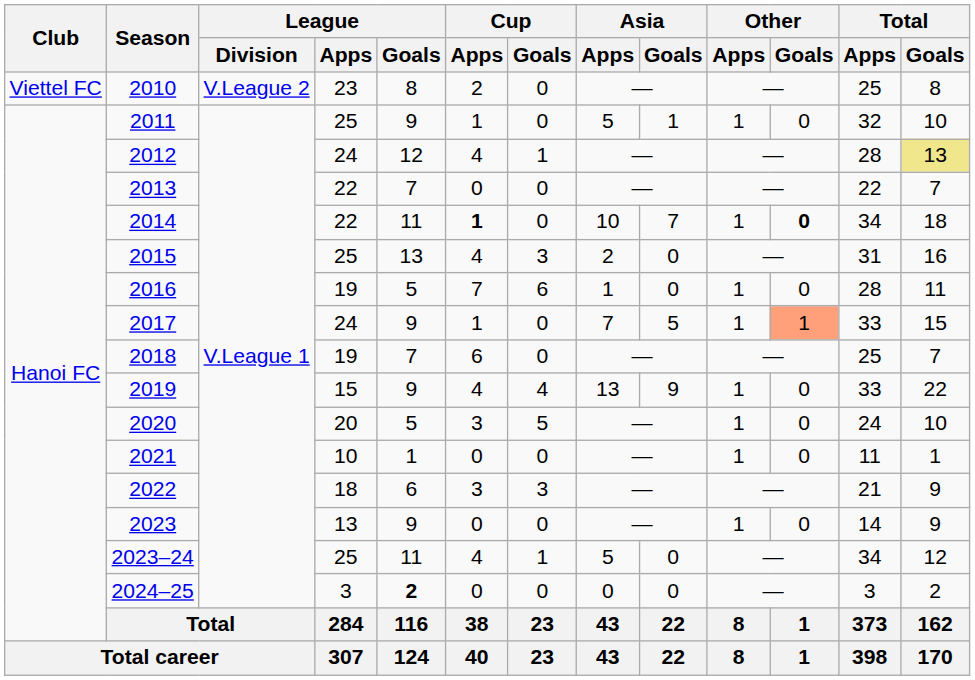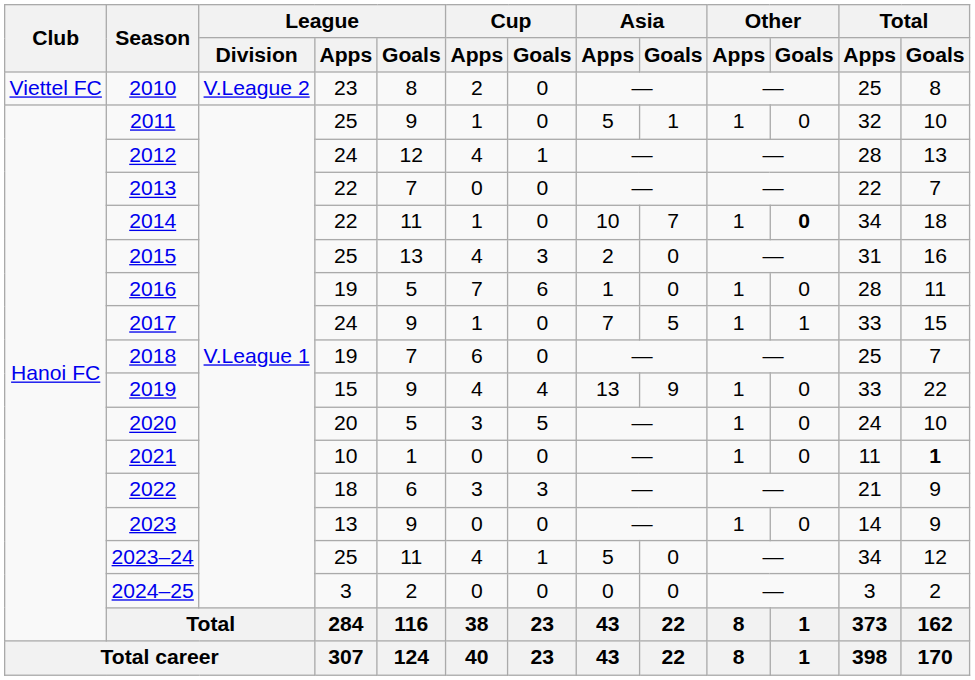 <table class="wikitable" style="text-align: center;">
 <tr>
 <th rowspan="2">Club</th>
 <th rowspan="2">Season</th>
 <th colspan="3">League</th>
 <th colspan="2">Cup</th>
 <th colspan="2">Asia</th>
 <th colspan="2">Other</th>
 <th colspan="2">Total</th>
 </tr>
 <tr>
 <th>Division</th>
 <th>Apps</th>
 <th>Goals</th>
 <th>Apps</th>
 <th>Goals</th>
 <th>Apps</th>
 <th>Goals</th>
 <th>Apps</th>
 <th>Goals</th>
 <th>Apps</th>
 <th>Goals</th>
 </tr>
 <tr>
 <td><a href='#'>Viettel FC</a></td>
 <td><a href='#'>2010</a></td>
 <td><a href='#'>V.League 2</a></td>
 <td>23</td>
 <td>8</td>
 <td>2</td>
 <td>0</td>
 <td colspan="2">—</td>
 <td colspan="2">—</td>
 <td>25</td>
 <td>8</td>
 </tr>
 <tr>
 <td rowspan="16"><a href='#'>Hanoi FC</a></td>
 <td><a href='#'>2011</a></td>
 <td rowspan="15"><a href='#'>V.League 1</a></td>
 <td>25</td>
 <td>9</td>
 <td>1</td>
 <td>0</td>
 <td>5</td>
 <td>1</td>
 <td>1</td>
 <td>0</td>
 <td>32</td>
 <td>10</td>
 </tr>
 <tr>
 <td><a href='#'>2012</a></td>
 <td>24</td>
 <td>12</td>
 <td>4</td>
 <td>1</td>
 <td colspan="2">—</td>
 <td colspan="2">—</td>
 <td>28</td>
-<td style="background: khaki;">13</td>
+<td>13</td>
 </tr>
 <tr>
 <td><a href='#'>2013</a></td>
 <td>22</td>
 <td>7</td>
 <td>0</td>
 <td>0</td>
 <td colspan="2">—</td>
 <td colspan="2">—</td>
 <td>22</td>
 <td>7</td>
 </tr>
 <tr>
 <td><a href='#'>2014</a></td>
 <td>22</td>
 <td>11</td>
-<td><strong>1</strong></td>
+<td>1</td>
 <td>0</td>
 <td>10</td>
 <td>7</td>
 <td>1</td>
 <td><strong>0</strong></td>
 <td>34</td>
 <td>18</td>
 </tr>
 <tr>
 <td><a href='#'>2015</a></td>
 <td>25</td>
 <td>13</td>
 <td>4</td>
 <td>3</td>
 <td>2</td>
 <td>0</td>
 <td colspan="2">—</td>
 <td>31</td>
 <td>16</td>
 </tr>
 <tr>
 <td><a href='#'>2016</a></td>
 <td>19</td>
 <td>5</td>
 <td>7</td>
 <td>6</td>
 <td>1</td>
 <td>0</td>
 <td>1</td>
 <td>0</td>
 <td>28</td>
 <td>11</td>
 </tr>
 <tr>
 <td><a href='#'>2017</a></td>
 <td>24</td>
 <td>9</td>
 <td>1</td>
 <td>0</td>
 <td>7</td>
 <td>5</td>
 <td>1</td>
-<td style="background: lightsalmon;">1</td>
+<td>1</td>
 <td>33</td>
 <td>15</td>
 </tr>
 <tr>
 <td><a href='#'>2018</a></td>
 <td>19</td>
 <td>7</td>
 <td>6</td>
 <td>0</td>
 <td colspan="2">—</td>
 <td colspan="2">—</td>
 <td>25</td>
 <td>7</td>
 </tr>
 <tr>
 <td><a href='#'>2019</a></td>
 <td>15</td>
 <td>9</td>
 <td>4</td>
 <td>4</td>
 <td>13</td>
 <td>9</td>
 <td>1</td>
 <td>0</td>
 <td>33</td>
 <td>22</td>
 </tr>
 <tr>
 <td><a href='#'>2020</a></td>
 <td>20</td>
 <td>5</td>
 <td>3</td>
 <td>5</td>
 <td colspan="2">—</td>
 <td>1</td>
 <td>0</td>
 <td>24</td>
 <td>10</td>
 </tr>
 <tr>
 <td><a href='#'>2021</a></td>
 <td>10</td>
 <td>1</td>
 <td>0</td>
 <td>0</td>
 <td colspan="2">—</td>
 <td>1</td>
 <td>0</td>
 <td>11</td>
-<td>1</td>
+<td><strong>1</strong></td>
 </tr>
 <tr>
 <td><a href='#'>2022</a></td>
 <td>18</td>
 <td>6</td>
 <td>3</td>
 <td>3</td>
 <td colspan="2">—</td>
 <td colspan="2">—</td>
 <td>21</td>
 <td>9</td>
 </tr>
 <tr>
 <td><a href='#'>2023</a></td>
 <td>13</td>
 <td>9</td>
 <td>0</td>
 <td>0</td>
 <td colspan="2">—</td>
 <td>1</td>
 <td>0</td>
 <td>14</td>
 <td>9</td>
 </tr>
 <tr>
 <td><a href='#'>2023–24</a></td>
 <td>25</td>
 <td>11</td>
 <td>4</td>
 <td>1</td>
 <td>5</td>
 <td>0</td>
 <td colspan="2">—</td>
 <td>34</td>
 <td>12</td>
 </tr>
 <tr>
 <td><a href='#'>2024–25</a></td>
 <td>3</td>
-<td><strong>2</strong></td>
+<td>2</td>
 <td>0</td>
 <td>0</td>
 <td>0</td>
 <td>0</td>
 <td colspan=2>—</td>
 <td>3</td>
 <td>2</td>
 </tr>
 <tr>
 <th colspan=2>Total</th>
 <th>284</th>
 <th>116</th>
 <th>38</th>
 <th>23</th>
 <th>43</th>
 <th>22</th>
 <th>8</th>
 <th>1</th>
 <th>373</th>
 <th>162</th>
 </tr>
 <tr>
 <th colspan="3">Total career</th>
 <th>307</th>
 <th>124</th>
 <th>40</th>
 <th>23</th>
 <th>43</th>
 <th>22</th>
 <th>8</th>
 <th>1</th>
 <th>398</th>
 <th>170</th>
 </tr>
 </table>
